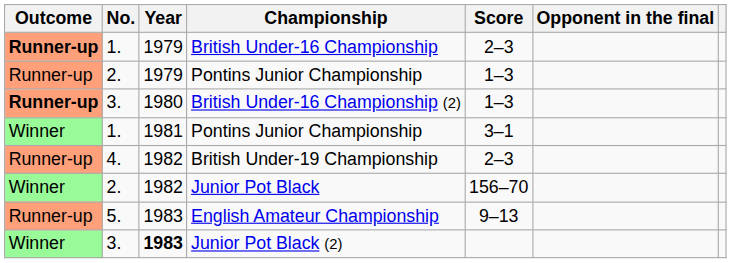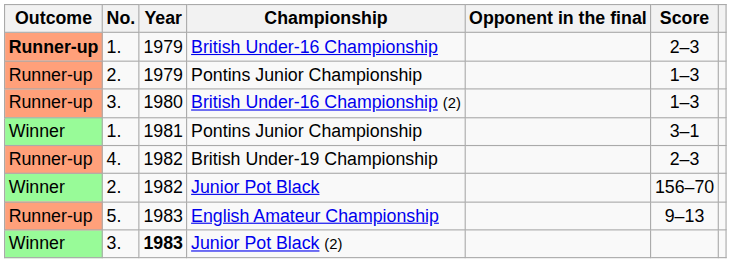 <table class="wikitable sortable">
 <tr>
 <th scope=row>Outcome</th>
 <th scope=row>No.</th>
 <th scope=row>Year</th>
 <th scope=row>Championship</th>
+<th scope=row>Opponent in the final</th>
 <th scope=row style="text-align:center">Score</th>
-<th scope=row>Opponent in the final</th>
 <th scope=row></th>
 </tr>
 <tr>
 <td style="background:#ffa07a;"><strong>Runner-up</strong></td>
 <td>1.</td>
 <td>1979</td>
 <td><a href='#'>British Under-16 Championship</a></td>
+<td data-sort-value="Pyle"></td>
 <td align="center">2–3</td>
-<td data-sort-value="Pyle"></td>
 <td></td>
 </tr>
 <tr>
 <td style="background:#ffa07a;">Runner-up</td>
 <td>2.</td>
 <td>1979</td>
 <td>Pontins Junior Championship</td>
+<td data-sort-value="Gilbert"></td>
 <td align="center">1–3</td>
-<td data-sort-value="Gilbert"></td>
 <td></td>
 </tr>
 <tr>
-<td style="background:#ffa07a;"><strong>Runner-up</strong></td>
+<td style="background:#ffa07a;">Runner-up</td>
 <td>3.</td>
 <td>1980</td>
 <td><a href='#'>British Under-16 Championship</a> <small>(2)</small></td>
+<td data-sort-value="Whitthread"></td>
 <td align="center">1–3</td>
-<td data-sort-value="Whitthread"></td>
 <td></td>
 </tr>
 <tr>
 <td style="background:#98fb98;">Winner</td>
 <td>1.</td>
 <td>1981</td>
 <td>Pontins Junior Championship</td>
+<td data-sort-value="Tate"></td>
 <td align="center">3–1</td>
-<td data-sort-value="Tate"></td>
 <td></td>
 </tr>
 <tr>
 <td style="background:#ffa07a;">Runner-up</td>
 <td>4.</td>
 <td>1982</td>
 <td>British Under-19 Championship</td>
+<td data-sort-value="Foulds"></td>
 <td align="center">2–3</td>
-<td data-sort-value="Foulds"></td>
 <td></td>
 </tr>
 <tr>
 <td style="background:#98fb98;">Winner</td>
 <td>2.</td>
 <td>1982</td>
 <td><a href='#'>Junior Pot Black</a></td>
+<td data-sort-value="Keers"></td>
 <td align="center">156–70</td>
-<td data-sort-value="Keers"></td>
 <td></td>
 </tr>
 <tr>
 <td style="background:#ffa07a;">Runner-up</td>
 <td>5.</td>
 <td>1983</td>
 <td><a href='#'>English Amateur Championship</a></td>
+<td data-sort-value="Jones"></td>
 <td align="center">9–13</td>
-<td data-sort-value="Jones"></td>
 <td></td>
 </tr>
 <tr>
 <td style="background:#98fb98;">Winner</td>
 <td>3.</td>
 <td><strong>1983</strong></td>
 <td><a href='#'>Junior Pot Black</a> <small>(2)</small></td>
+<td data-sort-value="Ventham"></td>
 <td align="center"></td>
-<td data-sort-value="Ventham"></td>
 <td></td>
 </tr>
 </table>
